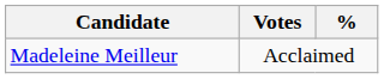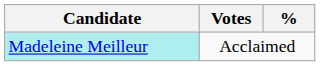 <table class="wikitable">
 <tr>
 <th style="width: 170px">Candidate</th>
 <th style="width: 50px">Votes</th>
 <th style="width: 40px">%</th>
 </tr>
 <tr>
-<td><a href='#'>Madeleine Meilleur</a></td>
+<td style="background: paleturquoise;"><a href='#'>Madeleine Meilleur</a></td>
 <td colspan="2" align="center">Acclaimed</td>
 </tr>
 </table>
